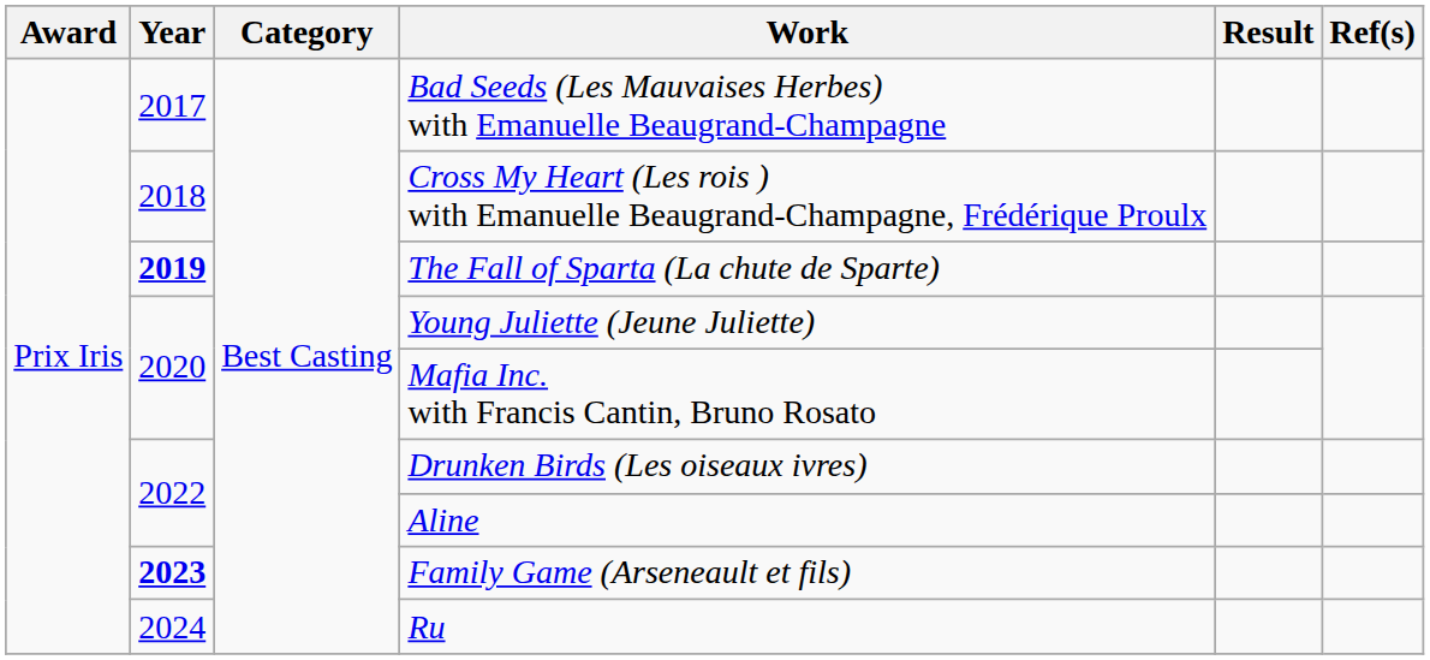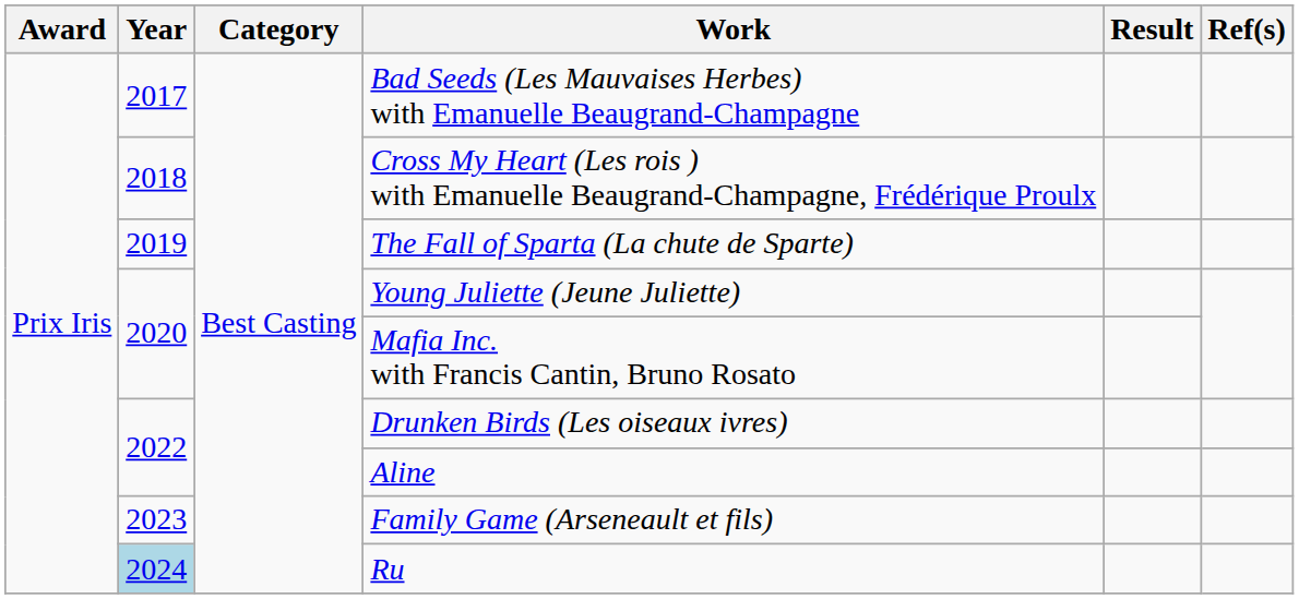 <table class="wikitable plainrowheaders sortable">
 <tr>
 <th>Award</th>
 <th>Year</th>
 <th>Category</th>
 <th>Work</th>
 <th>Result</th>
 <th>Ref(s)</th>
 </tr>
 <tr>
 <td rowspan=9><a href='#'>Prix Iris</a></td>
 <td><a href='#'>2017</a></td>
 <td rowspan=9><a href='#'>Best Casting</a></td>
 <td><em><a href='#'>Bad Seeds</a> (Les Mauvaises Herbes)</em><br>with <a href='#'>Emanuelle Beaugrand-Champagne</a></td>
 <td></td>
 <td></td>
 </tr>
 <tr>
 <td><a href='#'>2018</a></td>
 <td><em><a href='#'>Cross My Heart</a> (Les rois )</em><br>with Emanuelle Beaugrand-Champagne, <a href='#'>Frédérique Proulx</a></td>
 <td></td>
 <td></td>
 </tr>
 <tr>
-<td><strong><a href='#'>2019</a></strong></td>
+<td><a href='#'>2019</a></td>
 <td><em><a href='#'>The Fall of Sparta</a> (La chute de Sparte)</em></td>
 <td></td>
 <td></td>
 </tr>
 <tr>
 <td rowspan=2><a href='#'>2020</a></td>
 <td><em><a href='#'>Young Juliette</a> (Jeune Juliette)</em></td>
 <td></td>
 <td rowspan=2></td>
 </tr>
 <tr>
 <td><em><a href='#'>Mafia Inc.</a></em><br>with Francis Cantin, Bruno Rosato</td>
 <td></td>
 </tr>
 <tr>
 <td rowspan=2><a href='#'>2022</a></td>
 <td><em><a href='#'>Drunken Birds</a> (Les oiseaux ivres)</em></td>
 <td></td>
 <td></td>
 </tr>
 <tr>
 <td><em><a href='#'>Aline</a></em></td>
 <td></td>
 <td></td>
 </tr>
 <tr>
-<td><strong><a href='#'>2023</a></strong></td>
+<td><a href='#'>2023</a></td>
 <td><em><a href='#'>Family Game</a> (Arseneault et fils)</em></td>
 <td></td>
 <td></td>
 </tr>
 <tr>
-<td><a href='#'>2024</a></td>
+<td style="background: lightblue;"><a href='#'>2024</a></td>
 <td><em><a href='#'>Ru</a></em></td>
 <td></td>
 <td></td>
 </tr>
 </table>
